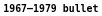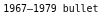 <table>
 <tr>
 <td></td>
 </tr>
 <tr>
-<td><strong><div>1967–1979 bullet</div></strong></td>
+<td><div>1967–1979 bullet</div></td>
 </tr>
 </table>
